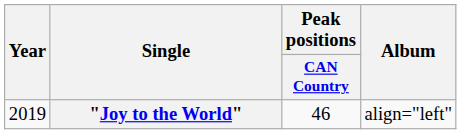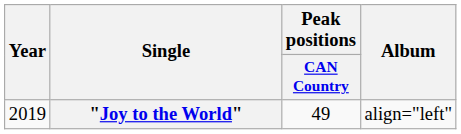 <table class="wikitable plainrowheaders" style="text-align:center;">
 <tr>
 <th rowspan="2">Year</th>
 <th rowspan="2" style="width:12em;">Single</th>
 <th>Peak<br>positions</th>
 <th rowspan="2">Album</th>
 </tr>
 <tr style="font-size:smaller;">
 <th><a href='#'>CAN<br>Country</a><br></th>
 </tr>
 <tr>
 <td>2019</td>
 <th scope="row">"<a href='#'>Joy to the World</a>"</th>
-<td>46</td>
+<td>49</td>
 <td>align="left" </td>
 </tr>
 </table>
